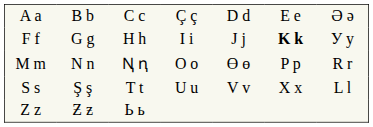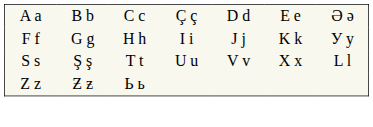 <table style="font-family:Arial Unicode MS; font-size:1.4em; border-color:#000000; border-width:1px; border-style:solid; border-collapse:collapse; background-color:#F8F8EF">
 <tr>
 <td style="width:3em; text-align:center; padding: 3px;">A a</td>
 <td style="width:3em; text-align:center; padding: 3px;">B b</td>
 <td style="width:3em; text-align:center; padding: 3px;">C c</td>
 <td style="width:3em; text-align:center; padding: 3px;">Ç ç</td>
 <td style="width:3em; text-align:center; padding: 3px;">D d</td>
 <td style="width:3em; text-align:center; padding: 3px;">E e</td>
 <td style="width:3em; text-align:center; padding: 3px;">Ə ə</td>
 </tr>
 <tr>
 <td style="width:3em; text-align:center; padding: 3px;">F f</td>
 <td style="width:3em; text-align:center; padding: 3px;">G g</td>
 <td style="width:3em; text-align:center; padding: 3px;">H h</td>
 <td style="width:3em; text-align:center; padding: 3px;">I i</td>
 <td style="width:3em; text-align:center; padding: 3px;">J j</td>
-<td style="width:3em; text-align:center; padding: 3px;"><strong>K k</strong></td>
+<td style="width:3em; text-align:center; padding: 3px;">K k</td>
 <td style="width:3em; text-align:center; padding: 3px;">У у</td>
-</tr>
-<tr>
-<td style="width:3em; text-align:center; padding: 3px;">M m</td>
-<td style="width:3em; text-align:center; padding: 3px;">N n</td>
-<td style="width:3em; text-align:center; padding: 3px;">Ꞑ ꞑ</td>
-<td style="width:3em; text-align:center; padding: 3px;">O o</td>
-<td style="width:3em; text-align:center; padding: 3px;">Ө ө</td>
-<td style="width:3em; text-align:center; padding: 3px;">P p</td>
-<td style="width:3em; text-align:center; padding: 3px;">R r</td>
 </tr>
 <tr>
 <td style="width:3em; text-align:center; padding: 3px;">S s</td>
 <td style="width:3em; text-align:center; padding: 3px;">Ş ş</td>
 <td style="width:3em; text-align:center; padding: 3px;">T t</td>
 <td style="width:3em; text-align:center; padding: 3px;">U u</td>
 <td style="width:3em; text-align:center; padding: 3px;">V v</td>
 <td style="width:3em; text-align:center; padding: 3px;">X x</td>
 <td style="width:3em; text-align:center; padding: 3px;">L l</td>
 </tr>
 <tr>
 <td style="width:3em; text-align:center; padding: 3px;">Z z</td>
 <td style="width:3em; text-align:center; padding: 3px;">Ƶ ƶ</td>
 <td style="width:3em; text-align:center; padding: 3px;">Ь ь</td>
 <td></td>
 <td></td>
 <td></td>
 <td></td>
 </tr>
 </table>
